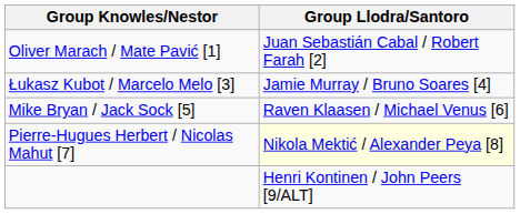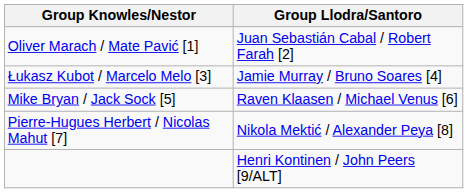 <table class="wikitable nowrap">
 <tr>
 <th width=250>Group Knowles/Nestor</th>
 <th width=250>Group Llodra/Santoro</th>
 </tr>
 <tr>
 <td> <a href='#'>Oliver Marach</a> /  <a href='#'>Mate Pavić</a> [1]</td>
 <td> <a href='#'>Juan Sebastián Cabal</a> /  <a href='#'>Robert Farah</a> [2]</td>
 </tr>
 <tr>
 <td> <a href='#'>Łukasz Kubot</a> /  <a href='#'>Marcelo Melo</a> [3]</td>
 <td> <a href='#'>Jamie Murray</a> /  <a href='#'>Bruno Soares</a> [4]</td>
 </tr>
 <tr>
 <td> <a href='#'>Mike Bryan</a> /  <a href='#'>Jack Sock</a> [5]</td>
 <td> <a href='#'>Raven Klaasen</a> /  <a href='#'>Michael Venus</a> [6]</td>
 </tr>
 <tr>
 <td> <a href='#'>Pierre-Hugues Herbert</a> /  <a href='#'>Nicolas Mahut</a> [7]</td>
-<td style="background: lightyellow;"> <a href='#'>Nikola Mektić</a> /  <a href='#'>Alexander Peya</a> [8]</td>
+<td> <a href='#'>Nikola Mektić</a> /  <a href='#'>Alexander Peya</a> [8]</td>
 </tr>
 <tr>
 <td></td>
 <td>  <a href='#'>Henri Kontinen</a> /  <a href='#'>John Peers</a> [9/ALT]</td>
 </tr>
 </table>
